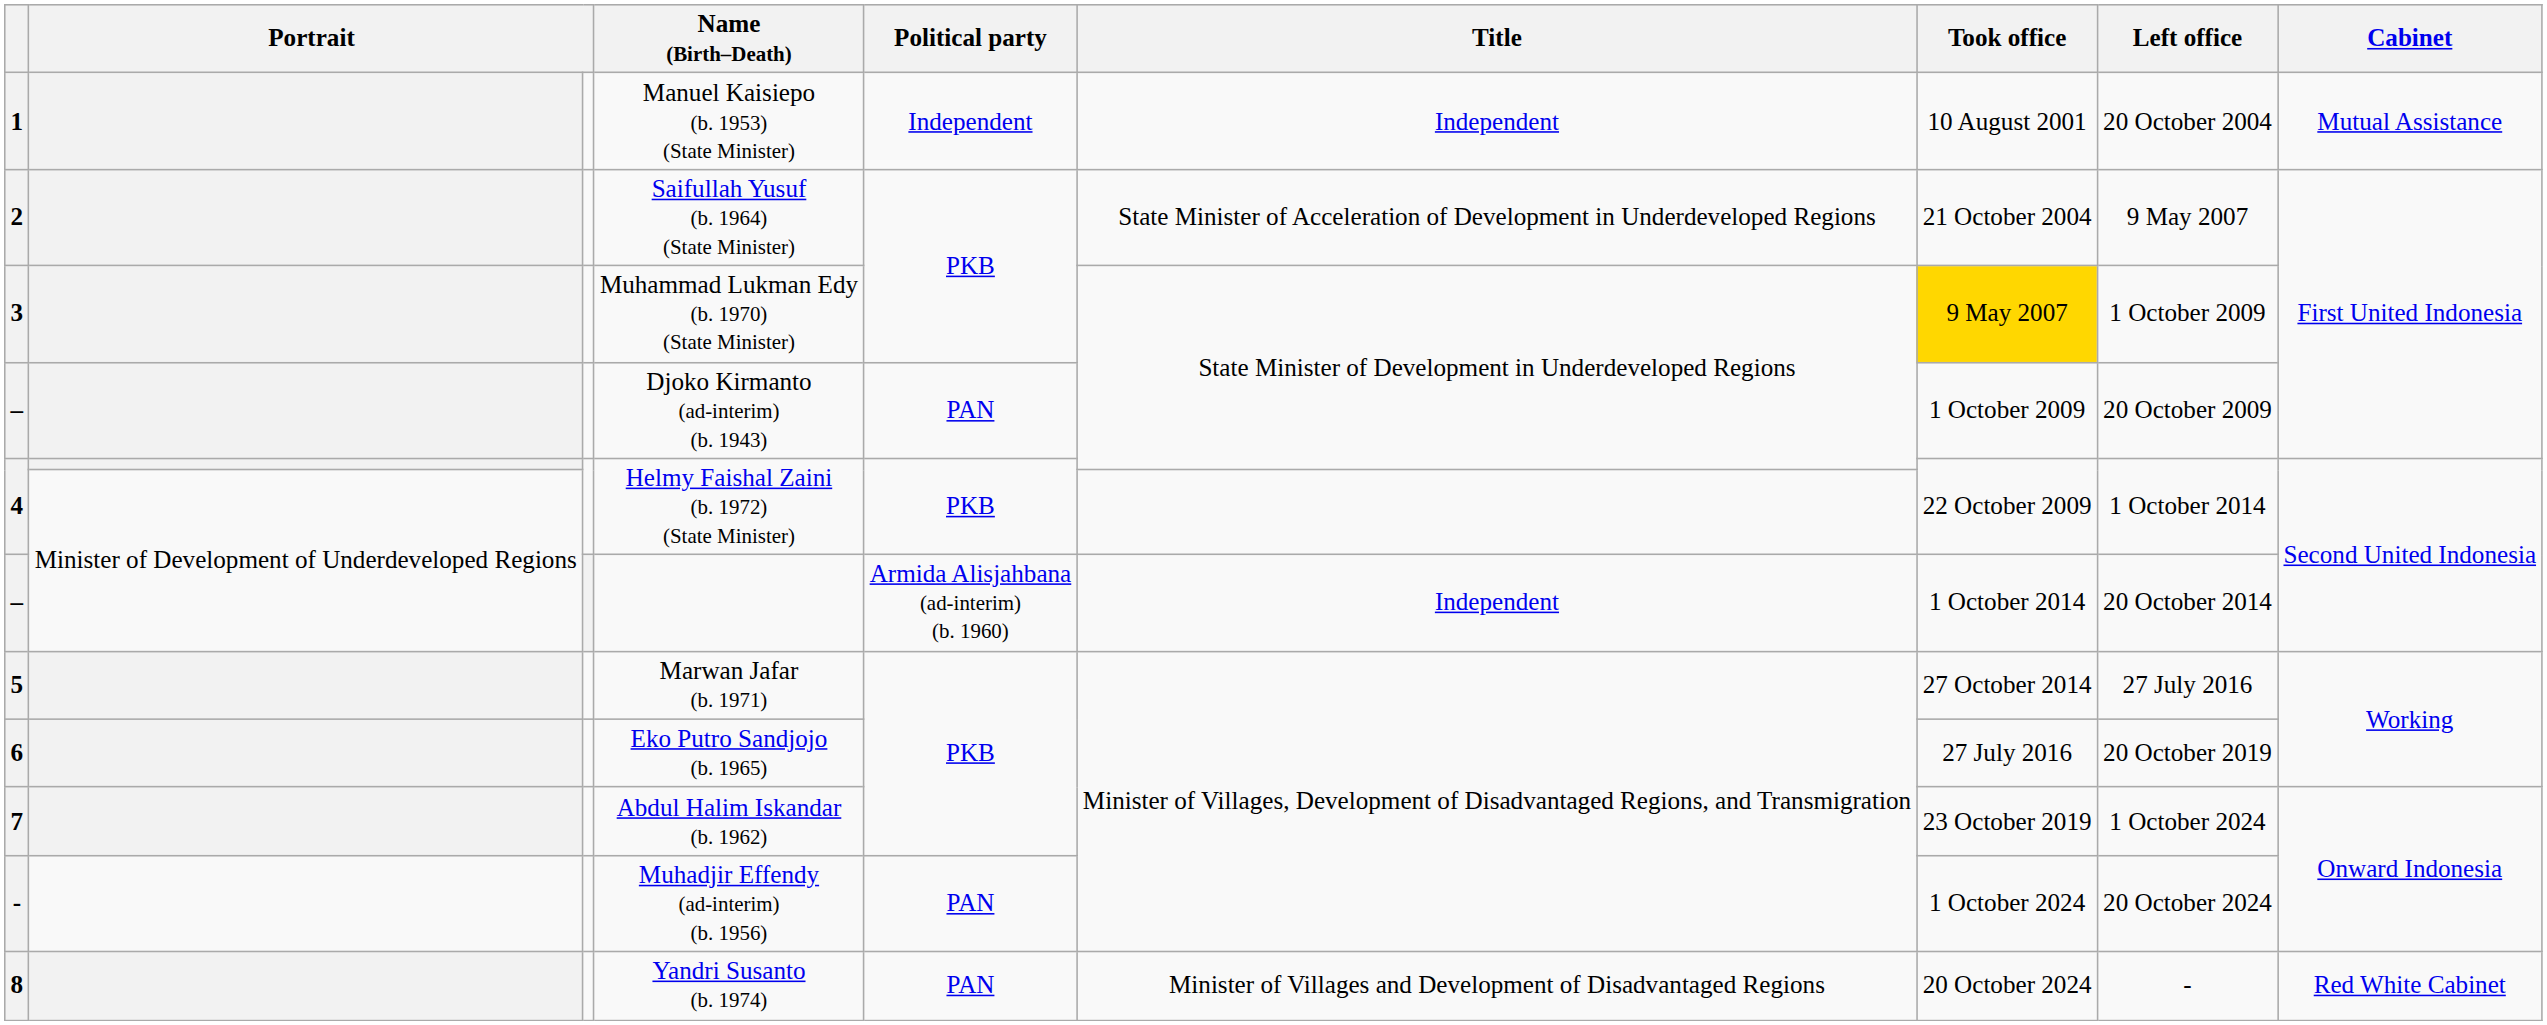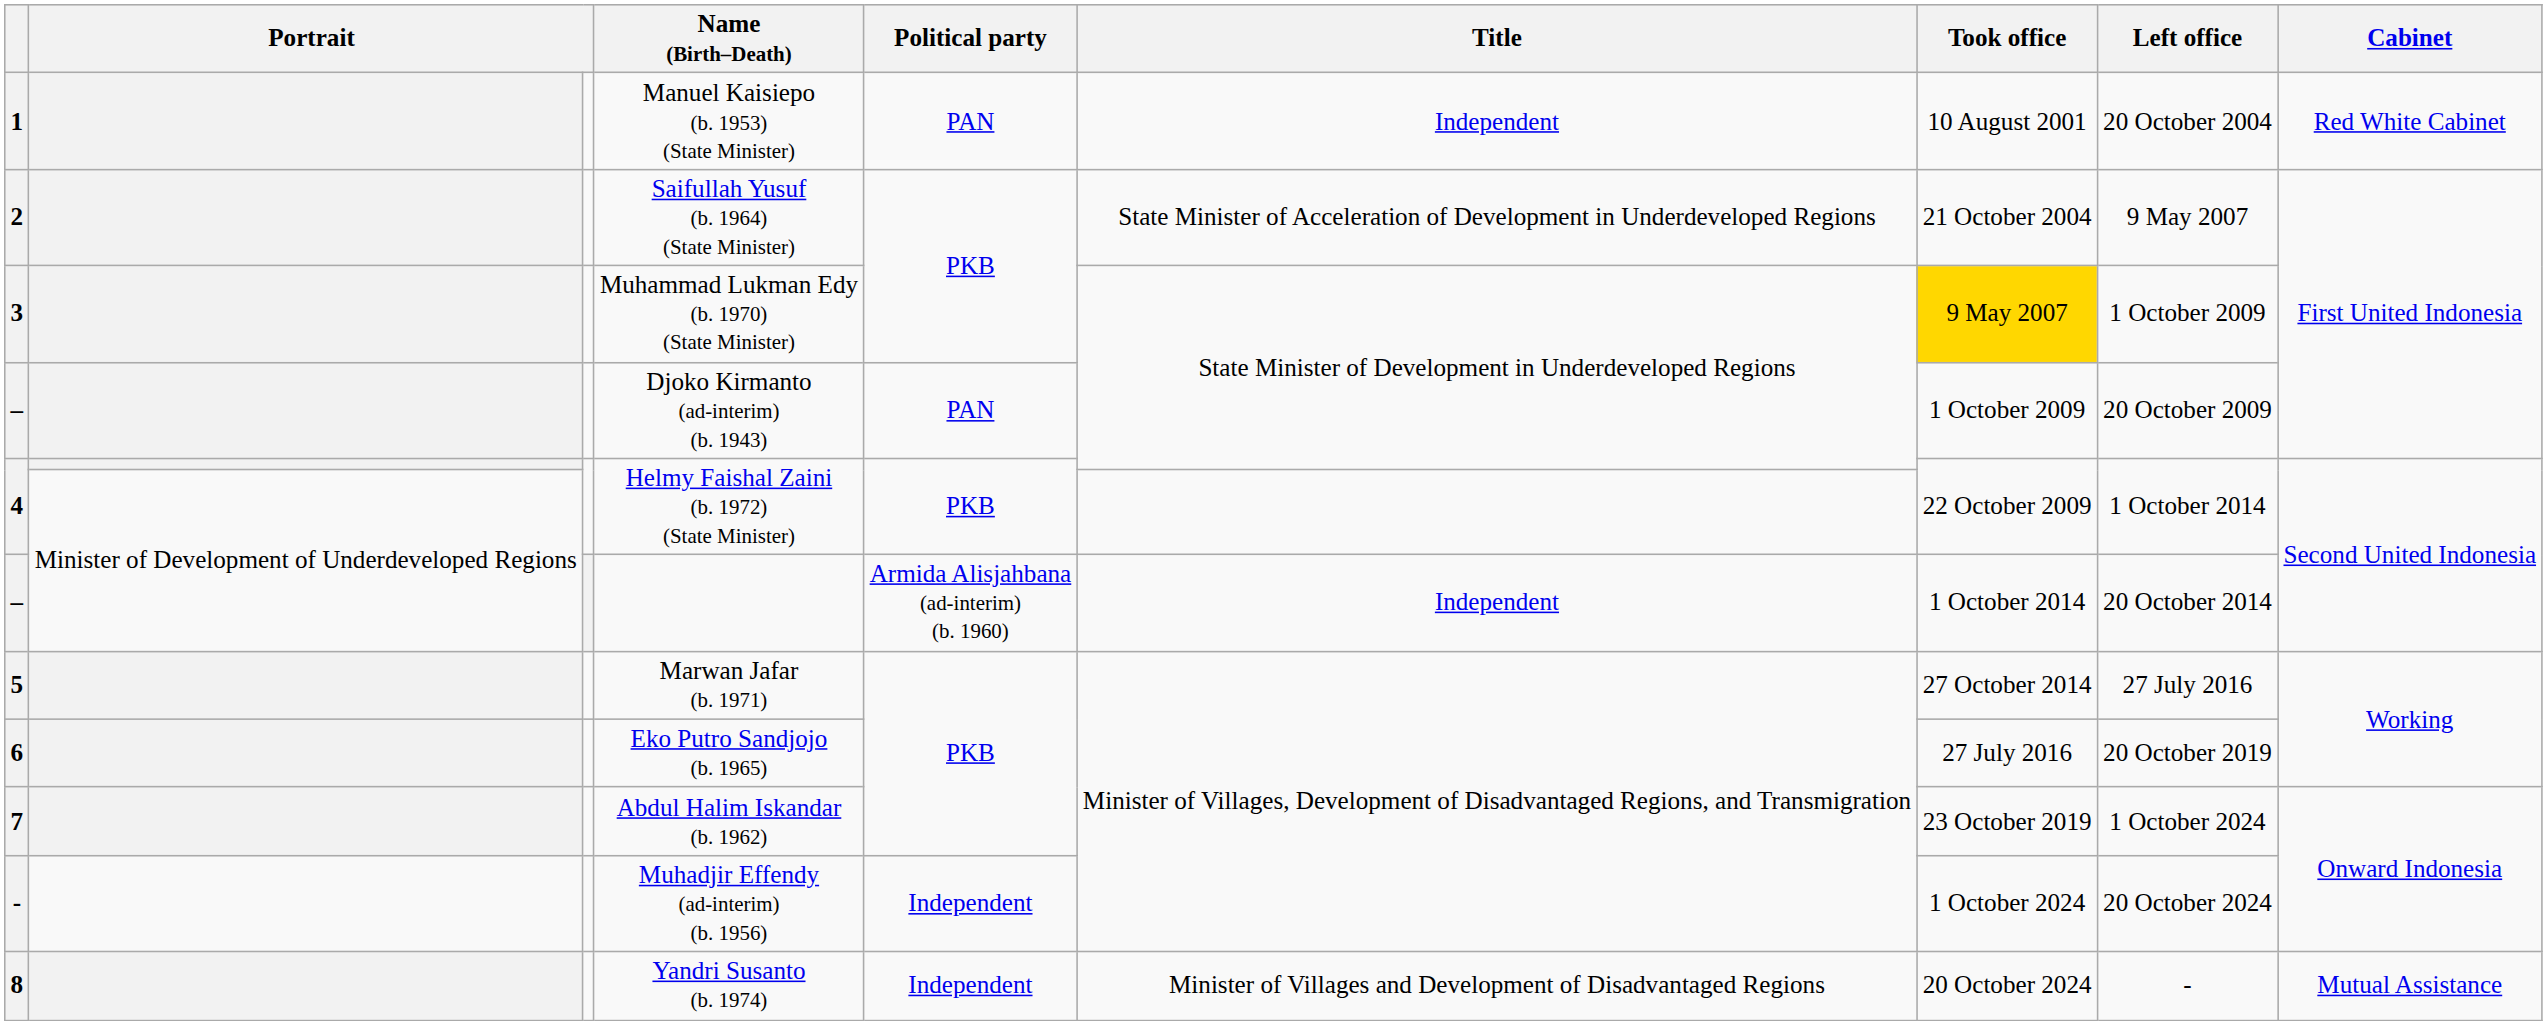 <table class="wikitable" style="text-align:center;">
 <tr>
 <th></th>
 <th colspan=2>Portrait</th>
 <th>Name<br><small>(Birth–Death)</small></th>
 <th>Political party</th>
 <th>Title</th>
 <th>Took office</th>
 <th>Left office</th>
 <th><a href='#'>Cabinet</a></th>
 </tr>
 <tr>
 <th>1</th>
 <th style="background:"></th>
 <td></td>
 <td>Manuel Kaisiepo<br><small>(b. 1953)</small><br><small>(State Minister)</small></td>
-<td><a href='#'>Independent</a></td>
+<td><a href='#'>PAN</a></td>
 <td><a href='#'>Independent</a></td>
 <td>10 August 2001</td>
 <td>20 October 2004</td>
-<td><a href='#'>Mutual Assistance</a></td>
+<td><a href='#'>Red White Cabinet</a></td>
 </tr>
 <tr>
 <th>2</th>
 <th style="background:"></th>
 <td></td>
 <td><a href='#'>Saifullah Yusuf</a><br><small>(b. 1964)</small><br><small>(State Minister)</small></td>
 <td rowspan="2"><a href='#'>PKB</a></td>
 <td>State Minister of Acceleration of Development in Underdeveloped Regions</td>
 <td>21 October 2004</td>
 <td>9 May 2007</td>
 <td rowspan="3"><a href='#'>First United Indonesia</a></td>
 </tr>
 <tr>
 <th>3</th>
 <th style="background:"></th>
 <td></td>
 <td>Muhammad Lukman Edy<br><small>(b. 1970)</small><br><small>(State Minister)</small></td>
 <td rowspan="3">State Minister of Development in Underdeveloped Regions</td>
 <td style="background: gold;">9 May 2007</td>
 <td>1 October 2009</td>
 </tr>
 <tr>
 <th>–</th>
 <th style="background:"></th>
 <td></td>
 <td>Djoko Kirmanto<br><small>(ad-interim) <br>(b. 1943)</small></td>
 <td><a href='#'>PAN</a></td>
 <td>1 October 2009</td>
 <td>20 October 2009</td>
 </tr>
 <tr>
 <th rowspan="2">4</th>
 <th style="background:"></th>
 <td rowspan="2"></td>
 <td rowspan="2"><a href='#'>Helmy Faishal Zaini</a><br><small>(b. 1972)</small><br><small>(State Minister)</small></td>
 <td rowspan="2"><a href='#'>PKB</a></td>
 <td rowspan="2">22 October 2009</td>
 <td rowspan="2">1 October 2014</td>
 <td rowspan="3"><a href='#'>Second United Indonesia</a></td>
 </tr>
 <tr>
 <td rowspan="2">Minister of Development of Underdeveloped Regions</td>
 </tr>
 <tr>
 <th>–</th>
 <th style="background:"></th>
 <td></td>
 <td><a href='#'>Armida Alisjahbana</a><br><small>(ad-interim) <br>(b. 1960)</small></td>
 <td><a href='#'>Independent</a></td>
 <td>1 October 2014</td>
 <td>20 October 2014</td>
 </tr>
 <tr>
 <th>5</th>
 <th style="background:"></th>
 <td></td>
 <td>Marwan Jafar<br><small>(b. 1971)</small></td>
 <td rowspan="3"><a href='#'>PKB</a></td>
 <td rowspan="4">Minister of Villages, Development of Disadvantaged Regions, and Transmigration</td>
 <td>27 October 2014</td>
 <td>27 July 2016</td>
 <td rowspan="2"><a href='#'>Working</a></td>
 </tr>
 <tr>
 <th>6</th>
 <th style="background:"></th>
 <td></td>
 <td><a href='#'>Eko Putro Sandjojo</a><br><small>(b. 1965)</small></td>
 <td>27 July 2016</td>
 <td>20 October 2019</td>
 </tr>
 <tr>
 <th>7</th>
 <th style="background:"></th>
 <td></td>
 <td><a href='#'>Abdul Halim Iskandar</a><br><small>(b. 1962)</small></td>
 <td>23 October 2019</td>
 <td>1 October 2024</td>
 <td rowspan="2"><a href='#'>Onward Indonesia</a></td>
 </tr>
 <tr>
 <th>-</th>
 <td style="background:"></td>
 <td></td>
 <td><a href='#'>Muhadjir Effendy</a><br><small>(ad-interim) <br>(b. 1956)</small></td>
-<td><a href='#'>PAN</a></td>
+<td><a href='#'>Independent</a></td>
 <td>1 October 2024</td>
 <td>20 October 2024</td>
 </tr>
 <tr>
 <th>8</th>
 <th style="background:"></th>
 <td></td>
 <td><a href='#'>Yandri Susanto</a><br><small>(b. 1974)</small></td>
-<td><a href='#'>PAN</a></td>
+<td><a href='#'>Independent</a></td>
 <td>Minister of Villages and Development of Disadvantaged Regions</td>
 <td>20 October 2024</td>
 <td>-</td>
-<td><a href='#'>Red White Cabinet</a></td>
+<td><a href='#'>Mutual Assistance</a></td>
 </tr>
 </table>
